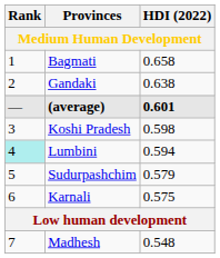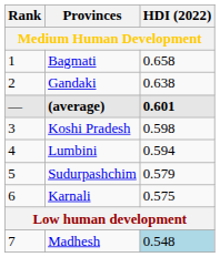 <table class="wikitable">
 <tr>
 <th>Rank</th>
 <th>Provinces</th>
 <th>HDI (2022)</th>
 </tr>
 <tr>
 <th colspan="3" style="color:#fc0;">Medium Human Development</th>
 </tr>
 <tr>
 <td>1</td>
 <td><a href='#'>Bagmati</a></td>
 <td>0.658</td>
 </tr>
 <tr>
 <td>2</td>
 <td><a href='#'>Gandaki</a></td>
 <td>0.638</td>
 </tr>
 <tr style="background:#e6e6e6">
 <td>—</td>
 <td><strong> (average)</strong></td>
 <td><strong>0.601</strong></td>
 </tr>
 <tr>
 <td>3</td>
 <td><a href='#'>Koshi Pradesh</a></td>
 <td>0.598</td>
 </tr>
 <tr>
-<td style="background: paleturquoise;">4</td>
+<td>4</td>
 <td><a href='#'>Lumbini</a></td>
 <td>0.594</td>
 </tr>
 <tr>
 <td>5</td>
 <td><a href='#'>Sudurpashchim</a></td>
 <td>0.579</td>
 </tr>
 <tr>
 <td>6</td>
 <td><a href='#'>Karnali</a></td>
 <td>0.575</td>
 </tr>
 <tr>
 <th colspan="3" style="color:#900;">Low human development</th>
 </tr>
 <tr>
 <td>7</td>
 <td><a href='#'>Madhesh</a></td>
-<td>0.548</td>
+<td style="background: lightblue;">0.548</td>
 </tr>
 </table>
